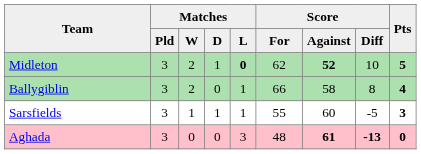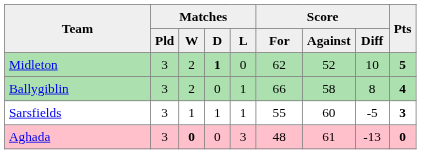 <table style=border-collapse:collapse border=1 cellspacing=0 cellpadding=5>
 <tr align=center bgcolor=#efefef>
 <th rowspan=2 width=165>Team</th>
 <th colspan=4>Matches</th>
 <th colspan=3>Score</th>
 <th rowspan=2width=20>Pts</th>
 </tr>
 <tr align=center bgcolor=#efefef>
 <th width=20>Pld</th>
 <th width=20>W</th>
 <th width=20>D</th>
 <th width=20>L</th>
 <th width=45>For</th>
 <th width=45>Against</th>
 <th width=30>Diff</th>
 </tr>
 <tr align=center style="background:#ACE1AF;">
 <td style="text-align:left;"><a href='#'>Midleton</a></td>
 <td>3</td>
 <td>2</td>
-<td>1</td>
-<td><strong>0</strong></td>
+<td><strong>1</strong></td>
+<td>0</td>
 <td>62</td>
-<td><strong>52</strong></td>
+<td>52</td>
 <td>10</td>
 <td><strong>5</strong></td>
 </tr>
 <tr align=center style="background:#ACE1AF;">
 <td style="text-align:left;"><a href='#'>Ballygiblin</a></td>
 <td>3</td>
 <td>2</td>
 <td>0</td>
 <td>1</td>
 <td>66</td>
 <td>58</td>
 <td>8</td>
 <td><strong>4</strong></td>
 </tr>
 <tr align=center>
 <td style="text-align:left;"><a href='#'>Sarsfields</a></td>
 <td>3</td>
 <td>1</td>
 <td>1</td>
 <td>1</td>
 <td>55</td>
 <td>60</td>
 <td>-5</td>
 <td><strong>3</strong></td>
 </tr>
 <tr align=center style="background:#FFC0CB;">
 <td style="text-align:left;"><a href='#'>Aghada</a></td>
 <td>3</td>
-<td>0</td>
+<td><strong>0</strong></td>
 <td>0</td>
 <td>3</td>
 <td>48</td>
-<td><strong>61</strong></td>
-<td><strong>-13</strong></td>
+<td>61</td>
+<td>-13</td>
 <td><strong>0</strong></td>
 </tr>
 </table>
